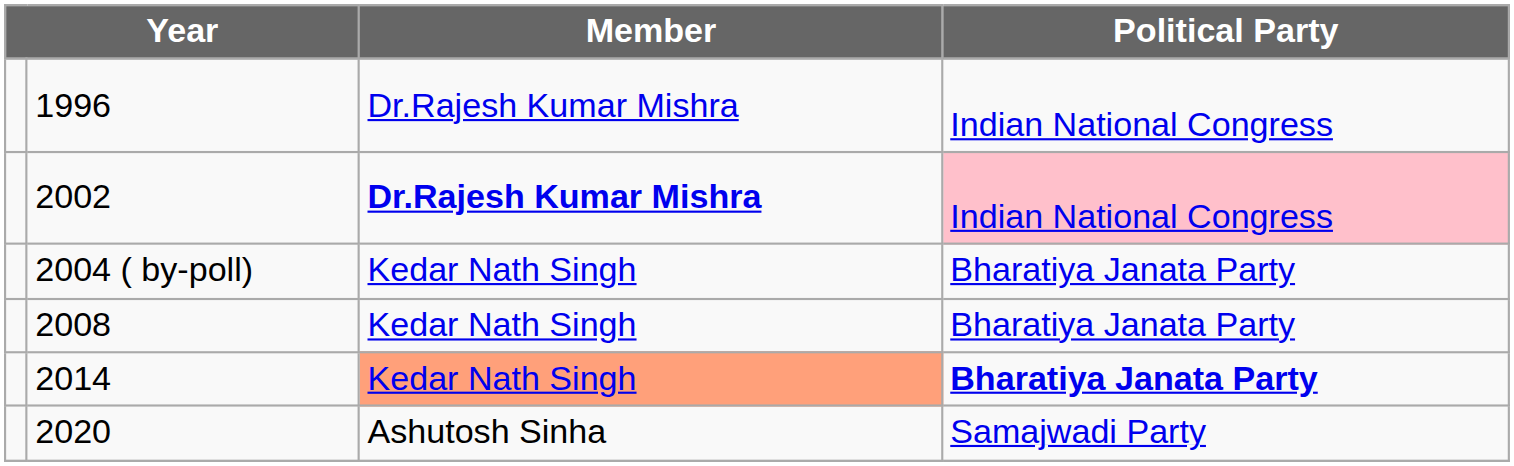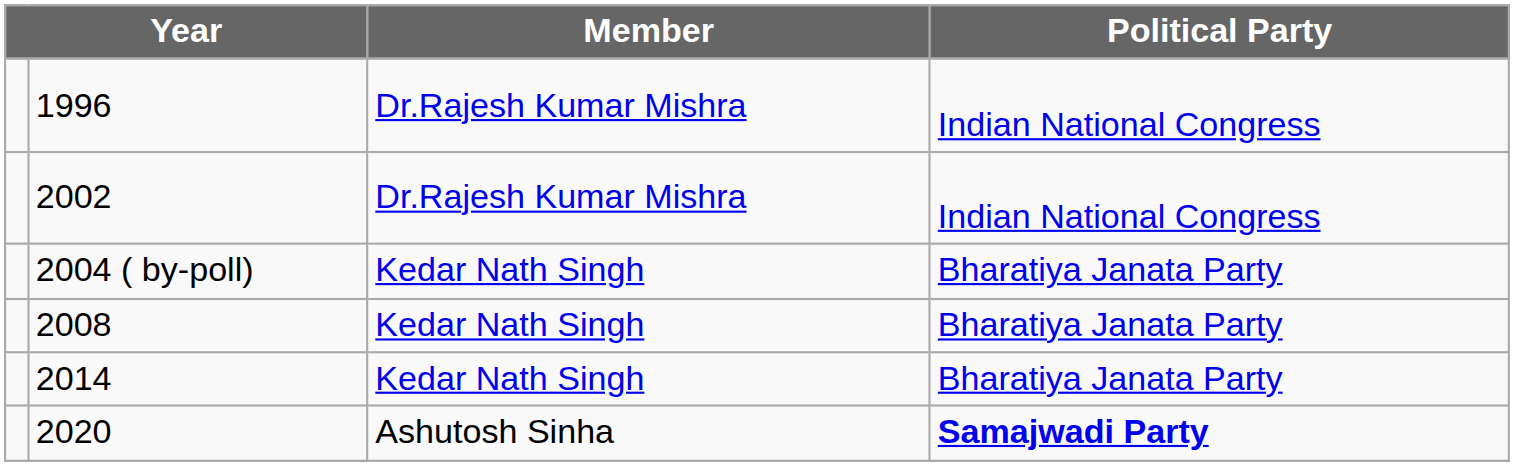 <table class="wikitable" width=80%>
 <tr>
 <th style="background-color:#666666; color:white" colspan="2">Year</th>
 <th style="background-color:#666666; color:white">Member</th>
 <th style="background-color:#666666; color:white">Political Party</th>
 </tr>
 <tr>
 <td style="background-color: "></td>
 <td>1996</td>
 <td><a href='#'>Dr.Rajesh Kumar Mishra</a></td>
 <td><br><a href='#'>Indian National Congress</a></td>
 </tr>
 <tr>
 <td style="background-color: "></td>
 <td>2002</td>
-<td><strong><a href='#'>Dr.Rajesh Kumar Mishra</a></strong></td>
-<td style="background: pink;"><br><a href='#'>Indian National Congress</a></td>
+<td><a href='#'>Dr.Rajesh Kumar Mishra</a></td>
+<td><br><a href='#'>Indian National Congress</a></td>
 </tr>
 <tr>
 <td style="background-color: "></td>
 <td>2004 ( by-poll)</td>
 <td><a href='#'>Kedar Nath Singh</a></td>
 <td><a href='#'>Bharatiya Janata Party</a></td>
 </tr>
 <tr>
 <td style="background-color: "></td>
 <td>2008</td>
 <td><a href='#'>Kedar Nath Singh</a></td>
 <td><a href='#'>Bharatiya Janata Party</a></td>
 </tr>
 <tr>
 <td style="background-color: "></td>
 <td>2014</td>
-<td style="background: lightsalmon;"><a href='#'>Kedar Nath Singh</a></td>
-<td><strong><a href='#'>Bharatiya Janata Party</a></strong></td>
+<td><a href='#'>Kedar Nath Singh</a></td>
+<td><a href='#'>Bharatiya Janata Party</a></td>
 </tr>
 <tr>
 <td style="background-color: "></td>
 <td>2020</td>
 <td>Ashutosh Sinha</td>
-<td><a href='#'>Samajwadi Party</a></td>
+<td><strong><a href='#'>Samajwadi Party</a></strong></td>
 </tr>
 <tr>
 </tr>
 </table>
